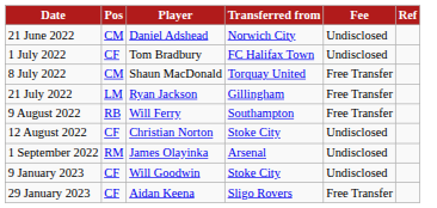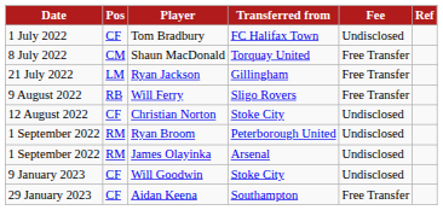 <table class="wikitable plainrowheaders sortable">
 <tr>
 <th style="background:#B11B1B; color:#ffffff; ">Date</th>
 <th style="background:#B11B1B; color:#ffffff; ">Pos</th>
 <th style="background:#B11B1B; color:#ffffff; ">Player</th>
 <th style="background:#B11B1B; color:#ffffff; ">Transferred from</th>
 <th style="background:#B11B1B; color:#ffffff; ">Fee</th>
 <th style="background:#B11B1B; color:#ffffff; ">Ref</th>
-</tr>
-<tr>
-<td>21 June 2022</td>
-<td><a href='#'>CM</a></td>
-<td> <a href='#'>Daniel Adshead</a></td>
-<td> <a href='#'>Norwich City</a></td>
-<td>Undisclosed</td>
-<td></td>
 </tr>
 <tr>
 <td>1 July 2022</td>
 <td><a href='#'>CF</a></td>
 <td> Tom Bradbury</td>
 <td> <a href='#'>FC Halifax Town</a></td>
 <td>Undisclosed</td>
 <td></td>
 </tr>
 <tr>
 <td>8 July 2022</td>
 <td><a href='#'>CM</a></td>
 <td> Shaun MacDonald</td>
 <td> <a href='#'>Torquay United</a></td>
 <td>Free Transfer</td>
 <td></td>
 </tr>
 <tr>
 <td>21 July 2022</td>
 <td><a href='#'>LM</a></td>
 <td> <a href='#'>Ryan Jackson</a></td>
 <td> <a href='#'>Gillingham</a></td>
 <td>Free Transfer</td>
 <td></td>
 </tr>
 <tr>
 <td>9 August 2022</td>
 <td><a href='#'>RB</a></td>
 <td> <a href='#'>Will Ferry</a></td>
-<td> <a href='#'>Southampton</a></td>
+<td> <a href='#'>Sligo Rovers</a></td>
 <td>Free Transfer</td>
 <td></td>
 </tr>
 <tr>
 <td>12 August 2022</td>
 <td><a href='#'>CF</a></td>
 <td> <a href='#'>Christian Norton</a></td>
 <td> <a href='#'>Stoke City</a></td>
+<td>Undisclosed</td>
+<td></td>
+</tr>
+<tr>
+<td>1 September 2022</td>
+<td><a href='#'>RM</a></td>
+<td> <a href='#'>Ryan Broom</a></td>
+<td> <a href='#'>Peterborough United</a></td>
 <td>Undisclosed</td>
 <td></td>
 </tr>
 <tr>
 <td>1 September 2022</td>
 <td><a href='#'>RM</a></td>
 <td> <a href='#'>James Olayinka</a></td>
 <td> <a href='#'>Arsenal</a></td>
 <td>Undisclosed</td>
 <td></td>
 </tr>
 <tr>
 <td>9 January 2023</td>
 <td><a href='#'>CF</a></td>
 <td> <a href='#'>Will Goodwin</a></td>
 <td> <a href='#'>Stoke City</a></td>
 <td>Undisclosed</td>
 <td></td>
 </tr>
 <tr>
 <td>29 January 2023</td>
 <td><a href='#'>CF</a></td>
 <td> <a href='#'>Aidan Keena</a></td>
-<td> <a href='#'>Sligo Rovers</a></td>
+<td> <a href='#'>Southampton</a></td>
 <td>Free Transfer</td>
 <td></td>
 </tr>
 </table>
